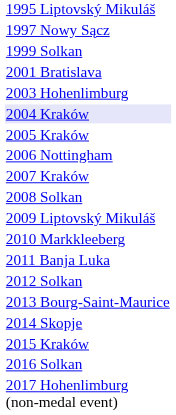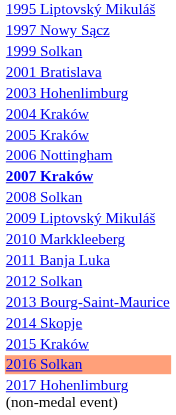 <table>
 <tr>
 <td><a href='#'>1995 Liptovský Mikuláš</a></td>
 <td></td>
 <td></td>
 <td></td>
 </tr>
 <tr>
 <td><a href='#'>1997 Nowy Sącz</a></td>
 <td></td>
 <td></td>
 <td></td>
 </tr>
 <tr>
 <td><a href='#'>1999 Solkan</a></td>
 <td></td>
 <td></td>
 <td></td>
 </tr>
 <tr>
 <td><a href='#'>2001 Bratislava</a></td>
 <td></td>
 <td></td>
 <td></td>
 </tr>
 <tr>
 <td><a href='#'>2003 Hohenlimburg</a></td>
 <td></td>
 <td></td>
 <td></td>
 </tr>
 <tr>
-<td style="background: lavender;"><a href='#'>2004 Kraków</a></td>
+<td><a href='#'>2004 Kraków</a></td>
 <td></td>
 <td></td>
 <td></td>
 </tr>
 <tr>
 <td><a href='#'>2005 Kraków</a></td>
 <td></td>
 <td></td>
 <td></td>
 </tr>
 <tr>
 <td><a href='#'>2006 Nottingham</a></td>
 <td></td>
 <td></td>
 <td></td>
 </tr>
 <tr>
-<td><a href='#'>2007 Kraków</a></td>
+<td><strong><a href='#'>2007 Kraków</a></strong></td>
 <td></td>
 <td></td>
 <td></td>
 </tr>
 <tr>
 <td><a href='#'>2008 Solkan</a></td>
 <td></td>
 <td></td>
 <td></td>
 </tr>
 <tr>
 <td><a href='#'>2009 Liptovský Mikuláš</a></td>
 <td></td>
 <td></td>
 <td></td>
 </tr>
 <tr>
 <td><a href='#'>2010 Markkleeberg</a></td>
 <td></td>
 <td></td>
 <td></td>
 </tr>
 <tr>
 <td><a href='#'>2011 Banja Luka</a></td>
 <td></td>
 <td></td>
 <td></td>
 </tr>
 <tr>
 <td><a href='#'>2012 Solkan</a></td>
 <td></td>
 <td></td>
 <td></td>
 </tr>
 <tr>
 <td><a href='#'>2013 Bourg-Saint-Maurice</a></td>
 <td></td>
 <td></td>
 <td></td>
 </tr>
 <tr>
 <td><a href='#'>2014 Skopje</a></td>
 <td></td>
 <td></td>
 <td></td>
 </tr>
 <tr>
 <td><a href='#'>2015 Kraków</a></td>
 <td></td>
 <td></td>
 <td></td>
 </tr>
 <tr>
-<td><a href='#'>2016 Solkan</a></td>
+<td style="background: lightsalmon;"><a href='#'>2016 Solkan</a></td>
 <td></td>
 <td></td>
 <td></td>
 </tr>
 <tr>
 <td><a href='#'>2017 Hohenlimburg</a><br>(non-medal event)</td>
 <td></td>
 <td></td>
 <td></td>
 </tr>
 </table>
